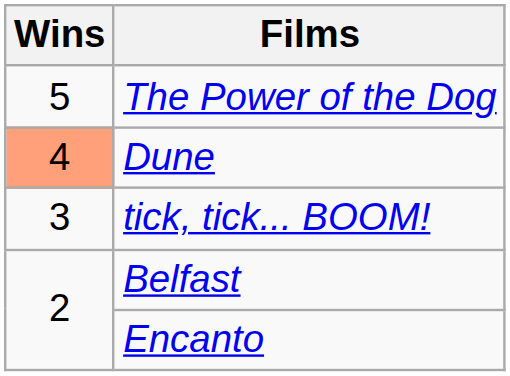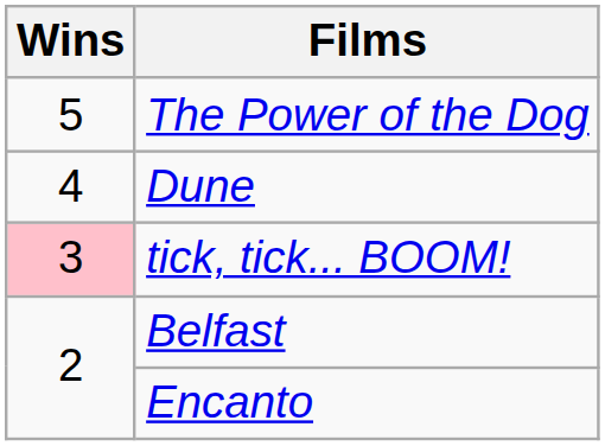 <table class="wikitable">
 <tr>
 <th>Wins</th>
 <th>Films</th>
 </tr>
 <tr>
 <td style="text-align:center">5</td>
 <td><em><a href='#'>The Power of the Dog</a></em></td>
 </tr>
 <tr>
-<td style="background: lightsalmon; text-align:center">4</td>
+<td style="text-align:center">4</td>
 <td><em><a href='#'>Dune</a></em></td>
 </tr>
 <tr>
-<td style="text-align:center">3</td>
+<td style="background: pink; text-align:center">3</td>
 <td><em><a href='#'>tick, tick... BOOM!</a></em></td>
 </tr>
 <tr>
 <td rowspan="2" style="text-align:center">2</td>
 <td><em><a href='#'>Belfast</a></em></td>
 </tr>
 <tr>
 <td><em><a href='#'>Encanto</a></em></td>
 </tr>
 </table>
